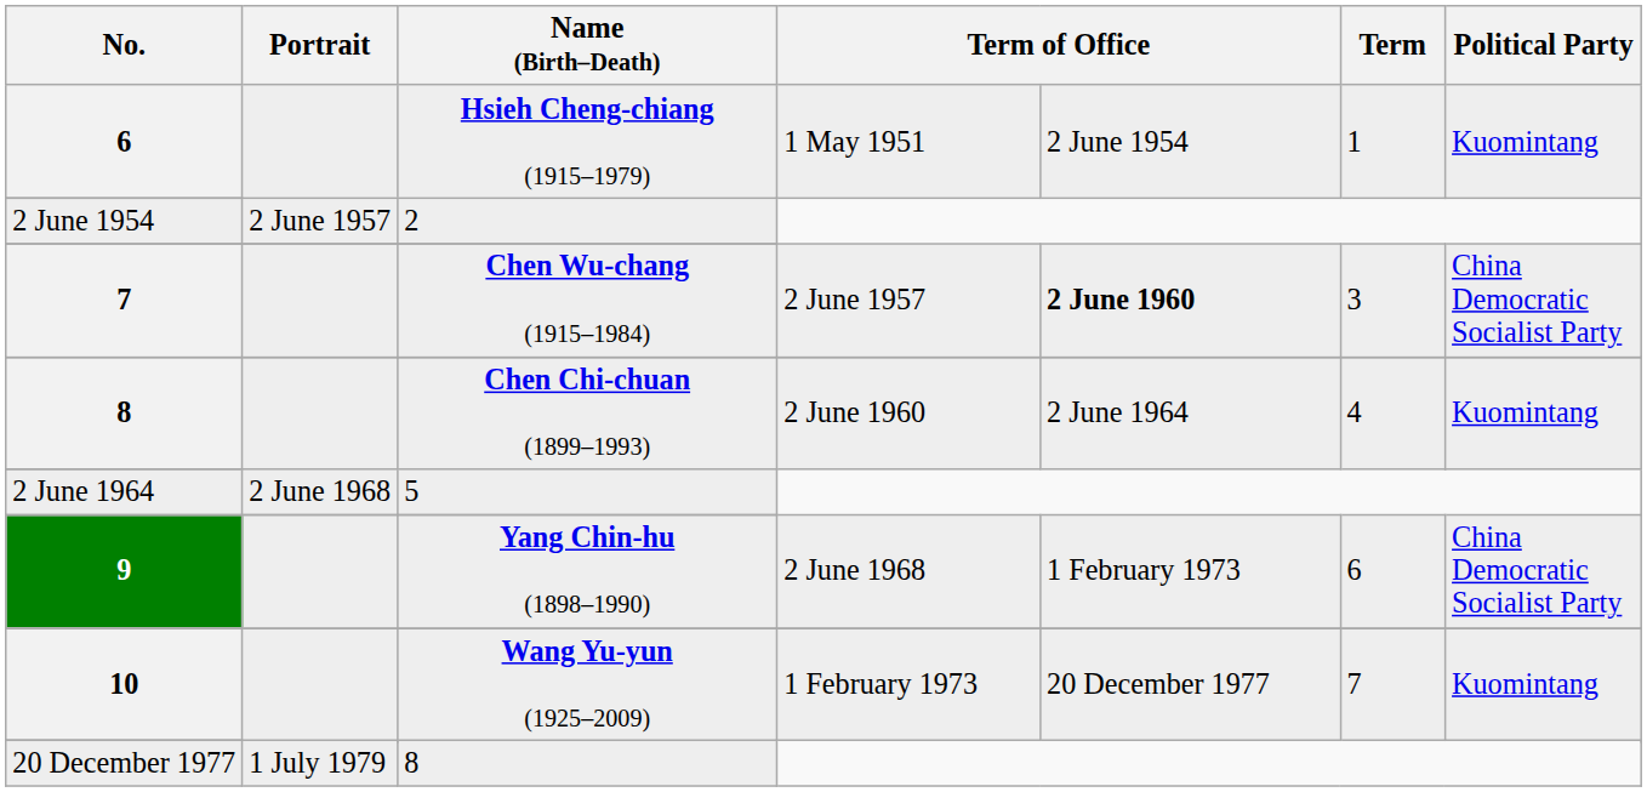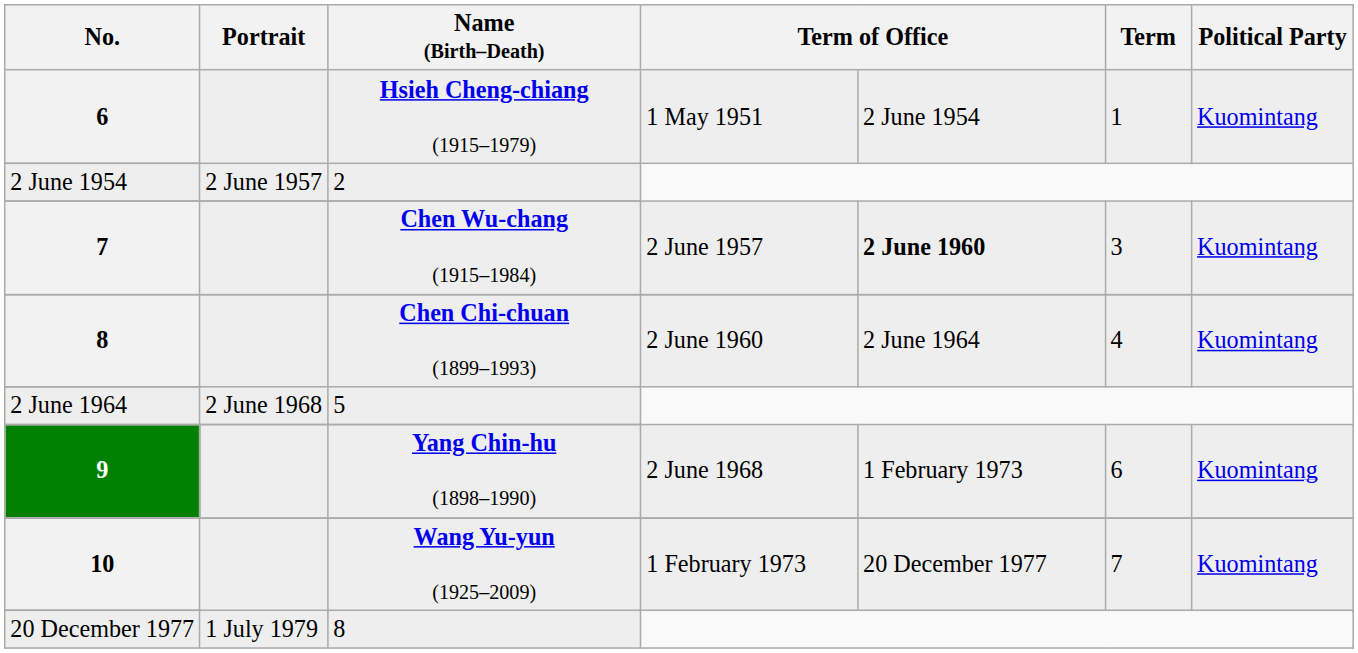 <table class=wikitable>
 <tr>
 <th>No.</th>
 <th>Portrait</th>
 <th width="200">Name<br><small>(Birth–Death)</small></th>
 <th colspan=2 width="300">Term of Office</th>
 <th width = "50">Term</th>
 <th width="100">Political Party</th>
 </tr>
 <tr - bgcolor=#EEEEEE>
 <th style="background:">6</th>
 <td rowspan=2></td>
 <td rowspan=2 align=center><strong><a href='#'>Hsieh Cheng-chiang</a></strong><br><br><small>(1915–1979)</small></td>
 <td>1 May 1951</td>
 <td>2 June 1954</td>
 <td>1</td>
 <td rowspan=2><a href='#'>Kuomintang</a></td>
 </tr>
 <tr ->
 </tr>
 <tr - bgcolor=#EEEEEE>
 <td>2 June 1954</td>
 <td>2 June 1957</td>
 <td>2</td>
 </tr>
 <tr ->
 </tr>
 <tr - bgcolor=#EEEEEE>
 <th style="background:">7</th>
 <td></td>
 <td align=center><strong><a href='#'>Chen Wu-chang</a></strong><br><br><small>(1915–1984)</small></td>
 <td>2 June 1957</td>
 <td><strong>2 June 1960</strong></td>
 <td>3</td>
-<td><a href='#'>China Democratic Socialist Party</a></td>
+<td><a href='#'>Kuomintang</a></td>
 </tr>
 <tr ->
 </tr>
 <tr - bgcolor=#EEEEEE>
 <th style="background:">8</th>
 <td rowspan=2></td>
 <td rowspan=2 align=center><strong><a href='#'>Chen Chi-chuan</a></strong><br><br><small>(1899–1993)</small></td>
 <td>2 June 1960</td>
 <td>2 June 1964</td>
 <td>4</td>
 <td rowspan=2><a href='#'>Kuomintang</a></td>
 </tr>
 <tr ->
 </tr>
 <tr - bgcolor=#EEEEEE>
 <td>2 June 1964</td>
 <td>2 June 1968</td>
 <td>5</td>
 </tr>
 <tr ->
 </tr>
 <tr - bgcolor=#EEEEEE>
 <th style="background:#008000; color:white;">9</th>
 <td rowspan=1></td>
 <td align=center><strong><a href='#'>Yang Chin-hu</a></strong><br><br><small>(1898–1990)</small></td>
 <td>2 June 1968</td>
 <td>1 February 1973</td>
 <td>6</td>
-<td><a href='#'>China Democratic Socialist Party</a></td>
+<td><a href='#'>Kuomintang</a></td>
 </tr>
 <tr ->
 </tr>
 <tr - bgcolor=#EEEEEE>
 <th style="background:">10</th>
 <td rowspan=2></td>
 <td rowspan=2 align=center><strong><a href='#'>Wang Yu-yun</a></strong><br><br><small>(1925–2009)</small></td>
 <td>1 February 1973</td>
 <td>20 December 1977</td>
 <td>7</td>
 <td rowspan=2><a href='#'>Kuomintang</a></td>
 </tr>
 <tr ->
 </tr>
 <tr - bgcolor=#EEEEEE>
 <td>20 December 1977</td>
 <td>1 July 1979</td>
 <td>8</td>
 </tr>
 </table>
